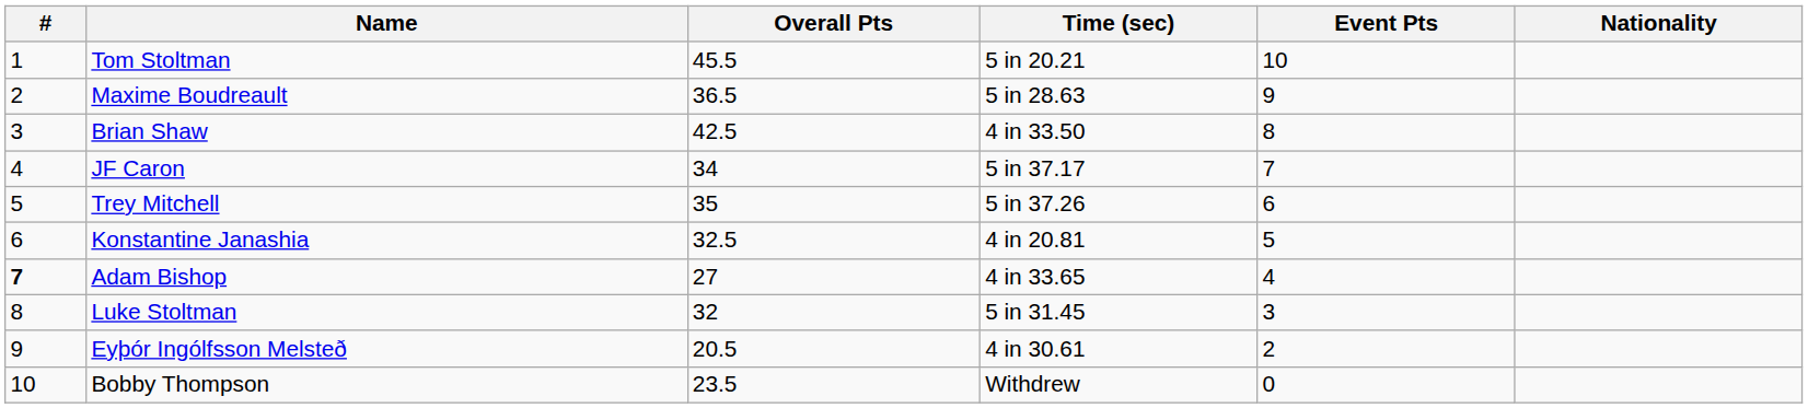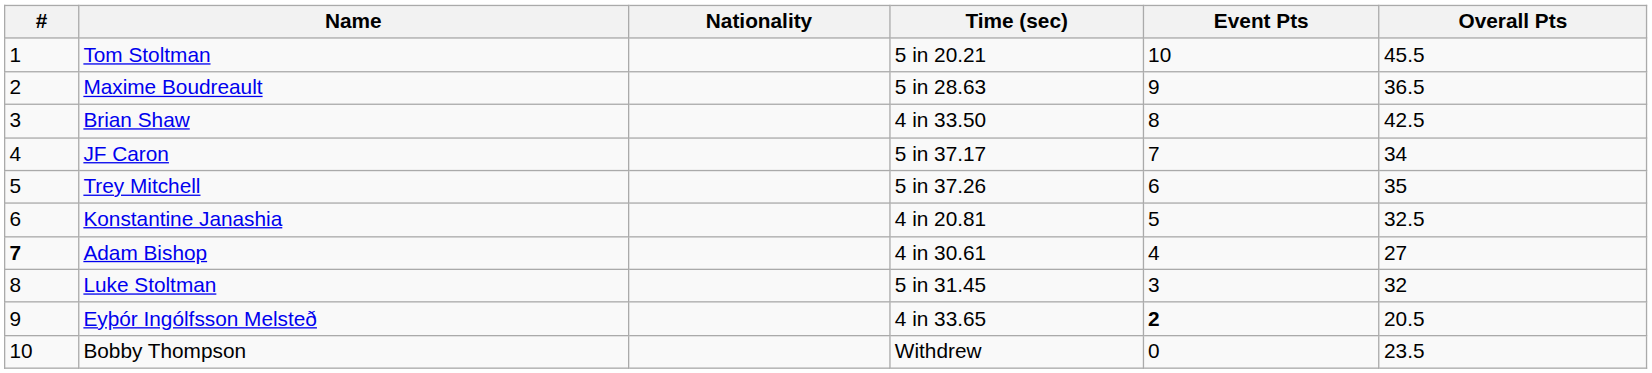 <table class="wikitable sortable" style="display: inline-table;width: 100%;">
 <tr>
 <th>#</th>
 <th>Name</th>
-<th>Overall Pts</th>
+<th>Nationality</th>
 <th>Time (sec)</th>
 <th>Event Pts</th>
-<th>Nationality</th>
+<th>Overall Pts</th>
 </tr>
 <tr>
 <td>1</td>
 <td><a href='#'>Tom Stoltman</a></td>
-<td>45.5</td>
+<td></td>
 <td>5 in 20.21</td>
 <td>10</td>
-<td></td>
+<td>45.5</td>
 </tr>
 <tr>
 <td>2</td>
 <td><a href='#'>Maxime Boudreault</a></td>
-<td>36.5</td>
+<td></td>
 <td>5 in 28.63</td>
 <td>9</td>
-<td></td>
+<td>36.5</td>
 </tr>
 <tr>
 <td>3</td>
 <td><a href='#'>Brian Shaw</a></td>
-<td>42.5</td>
+<td></td>
 <td>4 in 33.50</td>
 <td>8</td>
-<td></td>
+<td>42.5</td>
 </tr>
 <tr>
 <td>4</td>
 <td><a href='#'>JF Caron</a></td>
-<td>34</td>
+<td></td>
 <td>5 in 37.17</td>
 <td>7</td>
-<td></td>
+<td>34</td>
 </tr>
 <tr>
 <td>5</td>
 <td><a href='#'>Trey Mitchell</a></td>
-<td>35</td>
+<td></td>
 <td>5 in 37.26</td>
 <td>6</td>
-<td></td>
+<td>35</td>
 </tr>
 <tr>
 <td>6</td>
 <td><a href='#'>Konstantine Janashia</a></td>
-<td>32.5</td>
+<td></td>
 <td>4 in 20.81</td>
 <td>5</td>
-<td></td>
+<td>32.5</td>
 </tr>
 <tr>
 <td><strong>7</strong></td>
 <td><a href='#'>Adam Bishop</a></td>
+<td></td>
+<td>4 in 30.61</td>
+<td>4</td>
 <td>27</td>
-<td>4 in 33.65</td>
-<td>4</td>
-<td></td>
 </tr>
 <tr>
 <td>8</td>
 <td><a href='#'>Luke Stoltman</a></td>
-<td>32</td>
+<td></td>
 <td>5 in 31.45</td>
 <td>3</td>
-<td></td>
+<td>32</td>
 </tr>
 <tr>
 <td>9</td>
 <td><a href='#'>Eyþór Ingólfsson Melsteð</a></td>
+<td></td>
+<td>4 in 33.65</td>
+<td><strong>2</strong></td>
 <td>20.5</td>
-<td>4 in 30.61</td>
-<td>2</td>
-<td></td>
 </tr>
 <tr>
 <td>10</td>
 <td>Bobby Thompson</td>
-<td>23.5</td>
+<td></td>
 <td>Withdrew</td>
 <td>0</td>
-<td></td>
+<td>23.5</td>
 </tr>
 </table>
